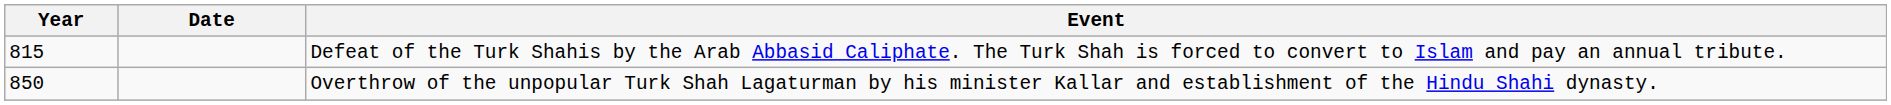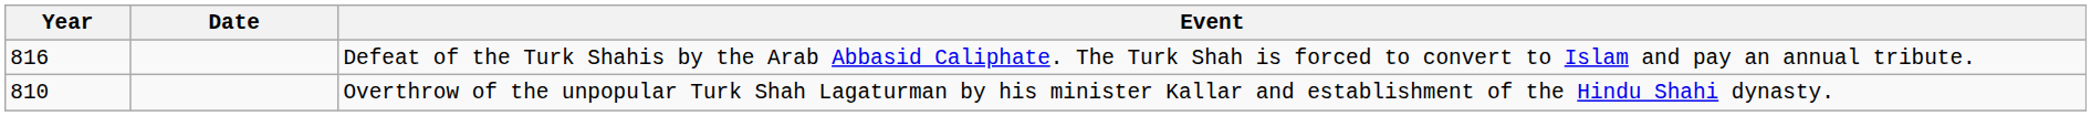 <table class="wikitable" width="100%">
 <tr>
 <th style="width:6%">Year</th>
 <th style="width:10%">Date</th>
 <th>Event</th>
 </tr>
 <tr>
-<td>815</td>
+<td>816</td>
 <td></td>
 <td>Defeat of the Turk Shahis by the Arab <a href='#'>Abbasid Caliphate</a>. The Turk Shah is forced to convert to <a href='#'>Islam</a> and pay an annual tribute.</td>
 </tr>
 <tr>
-<td>850</td>
+<td>810</td>
 <td></td>
 <td>Overthrow of the unpopular Turk Shah Lagaturman by his minister Kallar and establishment of the <a href='#'>Hindu Shahi</a> dynasty.</td>
 </tr>
 </table>
